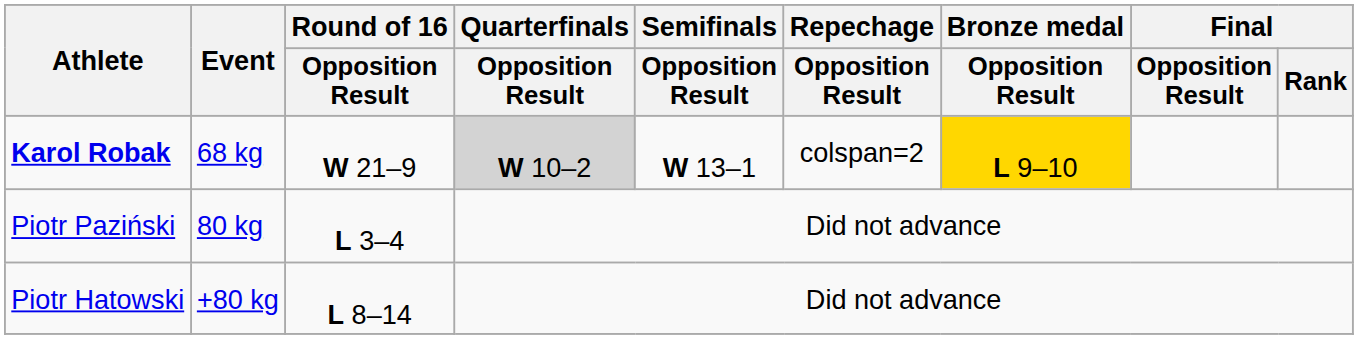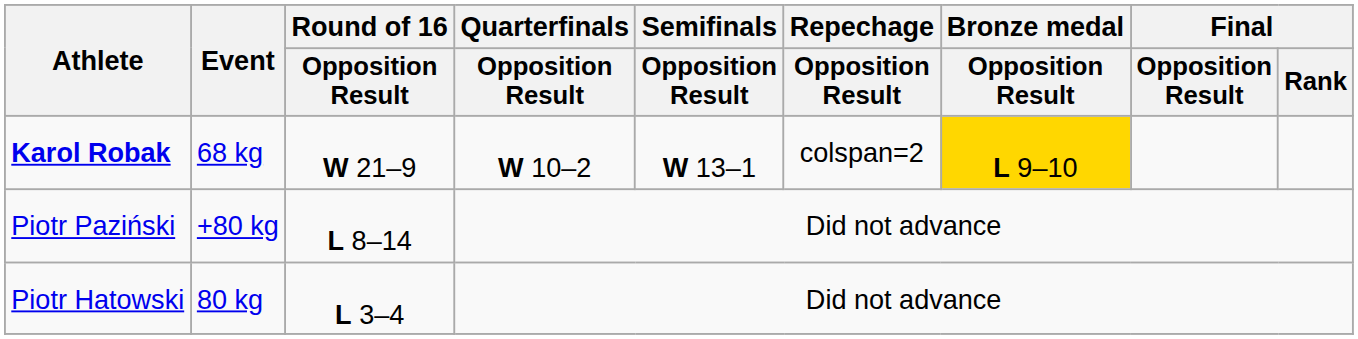 <table class="wikitable" style="font-size:90%">
 <tr>
 <th rowspan="2">Athlete</th>
 <th rowspan="2">Event</th>
 <th>Round of 16</th>
 <th>Quarterfinals</th>
 <th>Semifinals</th>
 <th>Repechage</th>
 <th>Bronze medal</th>
 <th colspan=2>Final</th>
 </tr>
 <tr style="font-size:95%">
 <th>Opposition<br>Result</th>
 <th>Opposition<br>Result</th>
 <th>Opposition<br>Result</th>
 <th>Opposition<br>Result</th>
 <th>Opposition<br>Result</th>
 <th>Opposition<br>Result</th>
 <th>Rank</th>
 </tr>
 <tr align=center>
 <td align=left><strong><a href='#'>Karol Robak</a></strong></td>
 <td align=left><a href='#'>68 kg</a></td>
 <td><br><strong>W</strong> 21–9</td>
-<td style="background: lightgrey;"><br><strong>W</strong> 10–2</td>
+<td><br><strong>W</strong> 10–2</td>
 <td><br><strong>W</strong> 13–1</td>
 <td>colspan=2 </td>
 <td style="background: gold;"><br><strong>L</strong> 9–10</td>
 <td></td>
 </tr>
 <tr align=center>
 <td align=left><a href='#'>Piotr Paziński</a></td>
+<td align=left><a href='#'>+80 kg</a></td>
+<td><br><strong>L</strong> 8–14</td>
+<td colspan=6>Did not advance</td>
+</tr>
+<tr align=center>
+<td align=left><a href='#'>Piotr Hatowski</a></td>
 <td align=left><a href='#'>80 kg</a></td>
 <td><br><strong>L</strong> 3–4</td>
 <td colspan=6>Did not advance</td>
 </tr>
-<tr align=center>
-<td align=left><a href='#'>Piotr Hatowski</a></td>
-<td align=left><a href='#'>+80 kg</a></td>
-<td><br><strong>L</strong> 8–14</td>
-<td colspan=6>Did not advance</td>
-</tr>
 </table>
